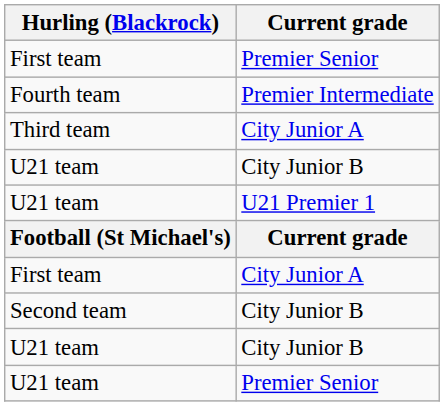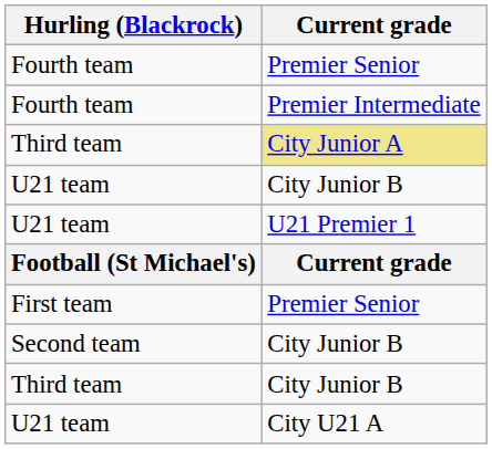 <table class="wikitable sortable">
 <tr>
 <th>Hurling (<a href='#'>Blackrock</a>)</th>
 <th>Current grade</th>
 </tr>
 <tr>
-<td>First team</td>
+<td>Fourth team</td>
 <td><a href='#'>Premier Senior</a></td>
 </tr>
 <tr>
 <td>Fourth team</td>
 <td><a href='#'>Premier Intermediate</a></td>
 </tr>
 <tr>
 <td>Third team</td>
-<td><a href='#'>City Junior A</a></td>
+<td style="background: khaki;"><a href='#'>City Junior A</a></td>
 </tr>
 <tr>
 <td>U21 team</td>
 <td>City Junior B</td>
 </tr>
 <tr>
 <td>U21 team</td>
 <td><a href='#'>U21 Premier 1</a></td>
 </tr>
 <tr>
 <th>Football (St Michael's)</th>
 <th>Current grade</th>
 </tr>
 <tr>
 <td>First team</td>
-<td><a href='#'>City Junior A</a></td>
+<td><a href='#'>Premier Senior</a></td>
 </tr>
 <tr>
 <td>Second team</td>
 <td>City Junior B</td>
 </tr>
 <tr>
-<td>U21 team</td>
+<td>Third team</td>
 <td>City Junior B</td>
 </tr>
 <tr>
 <td>U21 team</td>
-<td><a href='#'>Premier Senior</a></td>
+<td>City U21 A</td>
 </tr>
 </table>
